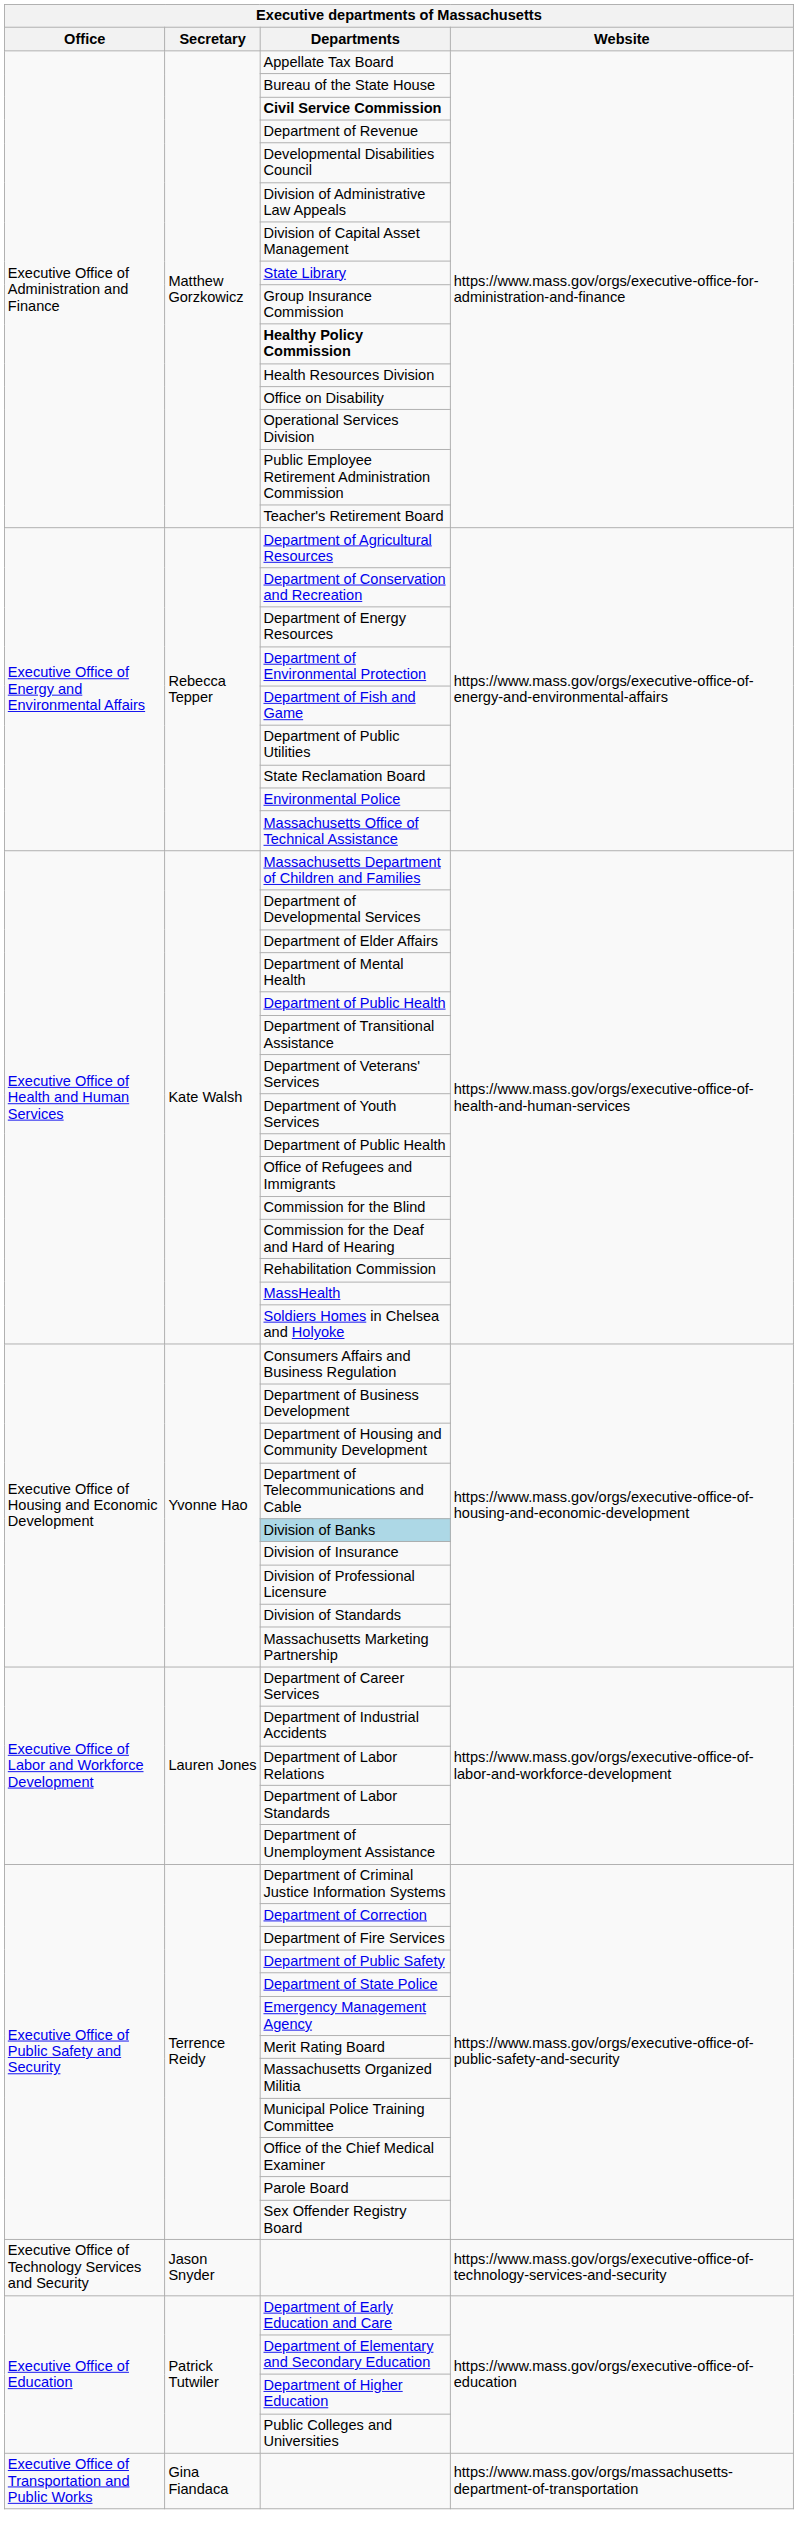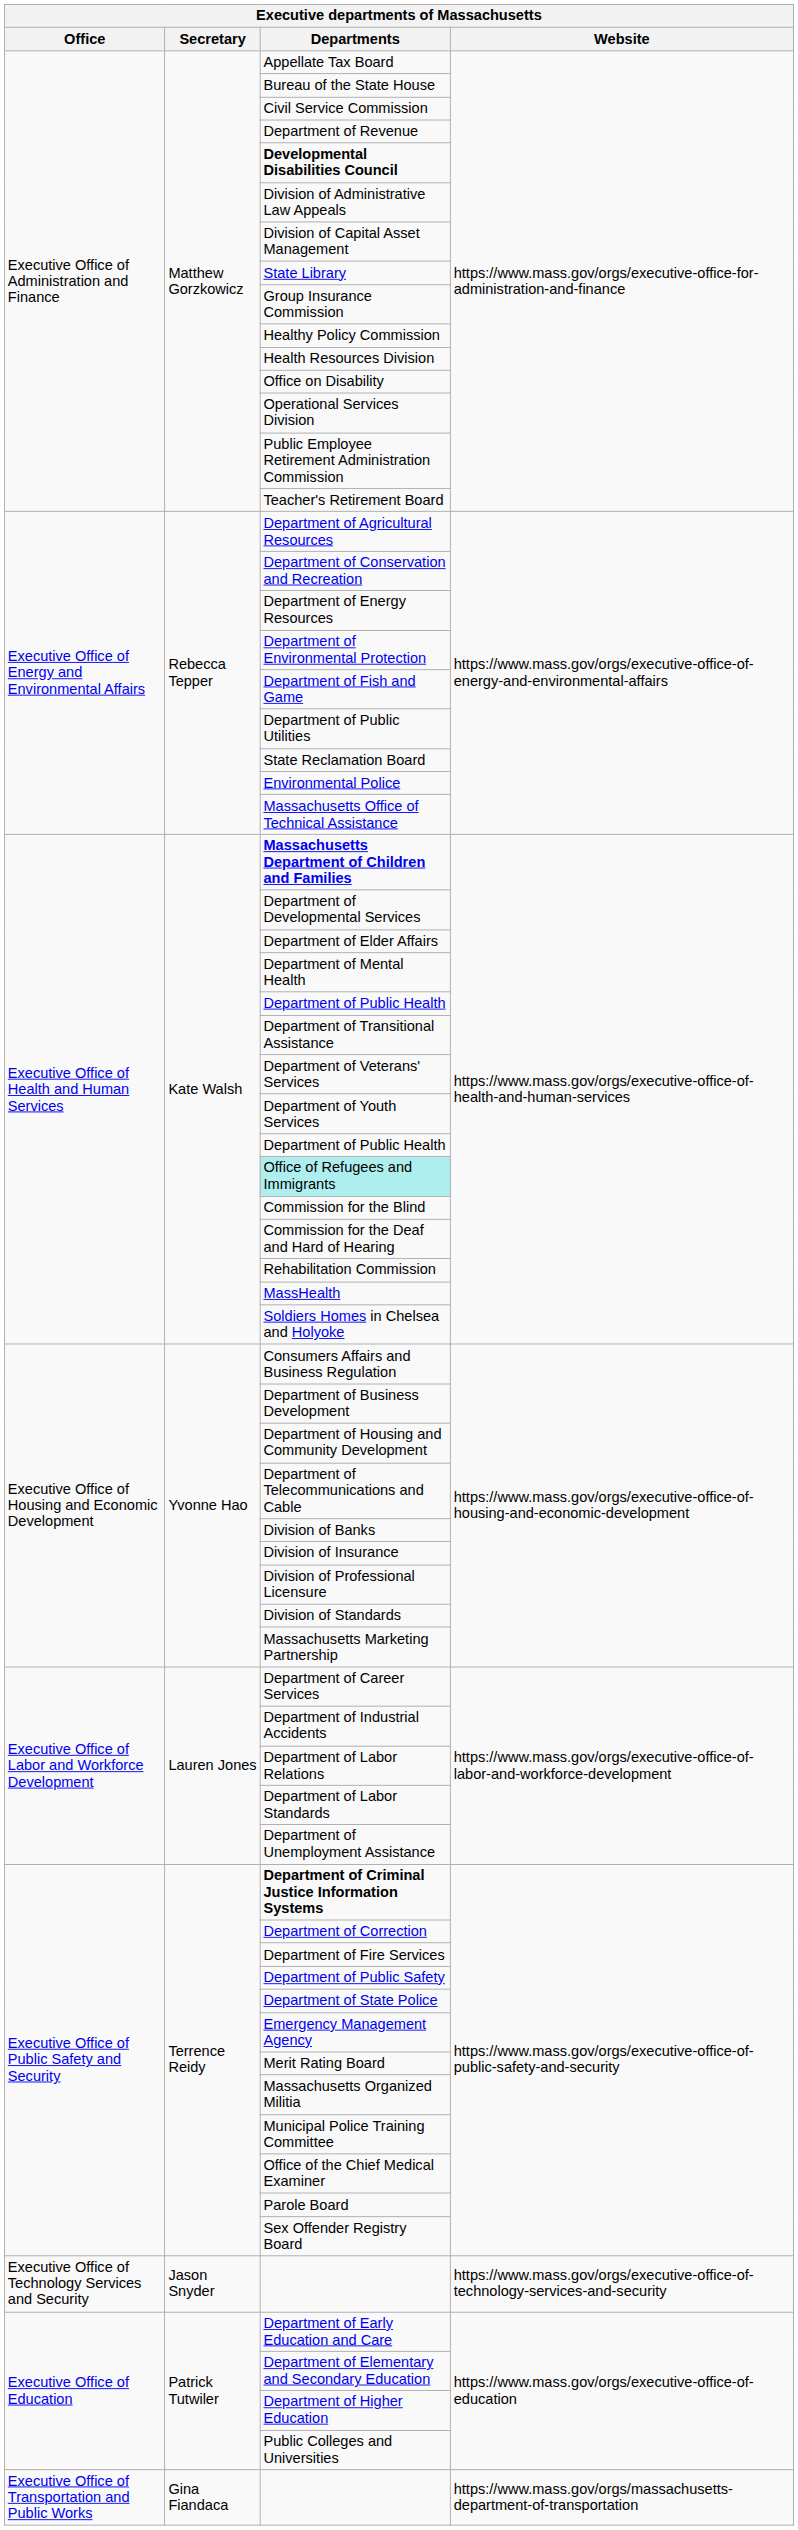 <table class="wikitable mw-collapsible mw-collapsed">
 <tr>
 <th colspan="4">Executive departments of Massachusetts</th>
 </tr>
 <tr>
 <th>Office</th>
 <th>Secretary</th>
 <th>Departments</th>
 <th>Website</th>
 </tr>
 <tr>
 <td rowspan="15">Executive Office of Administration and Finance</td>
 <td rowspan="15">Matthew Gorzkowicz</td>
 <td>Appellate Tax Board</td>
 <td rowspan="15">https://www.mass.gov/orgs/executive-office-for-administration-and-finance</td>
 </tr>
 <tr>
 <td>Bureau of the State House</td>
 </tr>
 <tr>
-<td><strong>Civil Service Commission</strong></td>
+<td>Civil Service Commission</td>
 </tr>
 <tr>
 <td>Department of Revenue</td>
 </tr>
 <tr>
-<td>Developmental Disabilities Council</td>
+<td><strong>Developmental Disabilities Council</strong></td>
 </tr>
 <tr>
 <td>Division of Administrative Law Appeals</td>
 </tr>
 <tr>
 <td>Division of Capital Asset Management</td>
 </tr>
 <tr>
 <td><a href='#'>State Library</a></td>
 </tr>
 <tr>
 <td>Group Insurance Commission</td>
 </tr>
 <tr>
-<td><strong>Healthy Policy Commission</strong></td>
+<td>Healthy Policy Commission</td>
 </tr>
 <tr>
 <td>Health Resources Division</td>
 </tr>
 <tr>
 <td>Office on Disability</td>
 </tr>
 <tr>
 <td>Operational Services Division</td>
 </tr>
 <tr>
 <td>Public Employee Retirement Administration Commission</td>
 </tr>
 <tr>
 <td>Teacher's Retirement Board</td>
 </tr>
 <tr>
 <td rowspan="9"><a href='#'>Executive Office of Energy and Environmental Affairs</a></td>
 <td rowspan="9">Rebecca Tepper</td>
 <td><a href='#'>Department of Agricultural Resources</a></td>
 <td rowspan="9">https://www.mass.gov/orgs/executive-office-of-energy-and-environmental-affairs</td>
 </tr>
 <tr>
 <td><a href='#'>Department of Conservation and Recreation</a></td>
 </tr>
 <tr>
 <td>Department of Energy Resources</td>
 </tr>
 <tr>
 <td><a href='#'>Department of Environmental Protection</a></td>
 </tr>
 <tr>
 <td><a href='#'>Department of Fish and Game</a></td>
 </tr>
 <tr>
 <td>Department of Public Utilities</td>
 </tr>
 <tr>
 <td>State Reclamation Board</td>
 </tr>
 <tr>
 <td><a href='#'>Environmental Police</a></td>
 </tr>
 <tr>
 <td><a href='#'>Massachusetts Office of Technical Assistance</a></td>
 </tr>
 <tr>
 <td rowspan="15"><a href='#'>Executive Office of Health and Human Services</a></td>
 <td rowspan="15">Kate Walsh</td>
-<td><a href='#'>Massachusetts Department of Children and Families</a></td>
+<td><strong><a href='#'>Massachusetts Department of Children and Families</a></strong></td>
 <td rowspan="15">https://www.mass.gov/orgs/executive-office-of-health-and-human-services</td>
 </tr>
 <tr>
 <td>Department of Developmental Services</td>
 </tr>
 <tr>
 <td>Department of Elder Affairs</td>
 </tr>
 <tr>
 <td>Department of Mental Health</td>
 </tr>
 <tr>
 <td><a href='#'>Department of Public Health</a></td>
 </tr>
 <tr>
 <td>Department of Transitional Assistance</td>
 </tr>
 <tr>
 <td>Department of Veterans' Services</td>
 </tr>
 <tr>
 <td>Department of Youth Services</td>
 </tr>
 <tr>
 <td>Department of Public Health</td>
 </tr>
 <tr>
-<td>Office of Refugees and Immigrants</td>
+<td style="background: paleturquoise;">Office of Refugees and Immigrants</td>
 </tr>
 <tr>
 <td>Commission for the Blind</td>
 </tr>
 <tr>
 <td>Commission for the Deaf and Hard of Hearing</td>
 </tr>
 <tr>
 <td>Rehabilitation Commission</td>
 </tr>
 <tr>
 <td><a href='#'>MassHealth</a></td>
 </tr>
 <tr>
 <td><a href='#'>Soldiers Homes</a> in Chelsea and <a href='#'>Holyoke</a></td>
 </tr>
 <tr>
 <td rowspan="9">Executive Office of Housing and Economic Development</td>
 <td rowspan="9">Yvonne Hao</td>
 <td>Consumers Affairs and Business Regulation</td>
 <td rowspan="9">https://www.mass.gov/orgs/executive-office-of-housing-and-economic-development</td>
 </tr>
 <tr>
 <td>Department of Business Development</td>
 </tr>
 <tr>
 <td>Department of Housing and Community Development</td>
 </tr>
 <tr>
 <td>Department of Telecommunications and Cable</td>
 </tr>
 <tr>
-<td style="background: lightblue;">Division  of Banks</td>
+<td>Division  of Banks</td>
 </tr>
 <tr>
 <td>Division of Insurance</td>
 </tr>
 <tr>
 <td>Division of Professional Licensure</td>
 </tr>
 <tr>
 <td>Division of Standards</td>
 </tr>
 <tr>
 <td>Massachusetts Marketing Partnership</td>
 </tr>
 <tr>
 <td rowspan="5"><a href='#'>Executive Office of Labor and Workforce Development</a></td>
 <td rowspan="5">Lauren Jones</td>
 <td>Department of Career Services</td>
 <td rowspan="5">https://www.mass.gov/orgs/executive-office-of-labor-and-workforce-development</td>
 </tr>
 <tr>
 <td>Department of Industrial Accidents</td>
 </tr>
 <tr>
 <td>Department of Labor Relations</td>
 </tr>
 <tr>
 <td>Department of Labor Standards</td>
 </tr>
 <tr>
 <td>Department of Unemployment Assistance</td>
 </tr>
 <tr>
 <td rowspan="12"><a href='#'>Executive Office of Public Safety and Security</a></td>
 <td rowspan="12">Terrence Reidy</td>
-<td>Department of Criminal Justice Information Systems</td>
+<td><strong>Department of Criminal Justice Information Systems</strong></td>
 <td rowspan="12">https://www.mass.gov/orgs/executive-office-of-public-safety-and-security</td>
 </tr>
 <tr>
 <td><a href='#'>Department of Correction</a></td>
 </tr>
 <tr>
 <td>Department of Fire Services</td>
 </tr>
 <tr>
 <td><a href='#'>Department of Public Safety</a></td>
 </tr>
 <tr>
 <td><a href='#'>Department of State Police</a></td>
 </tr>
 <tr>
 <td><a href='#'>Emergency Management Agency</a></td>
 </tr>
 <tr>
 <td>Merit Rating Board</td>
 </tr>
 <tr>
 <td>Massachusetts Organized Militia</td>
 </tr>
 <tr>
 <td>Municipal Police Training Committee</td>
 </tr>
 <tr>
 <td>Office of the Chief Medical Examiner</td>
 </tr>
 <tr>
 <td>Parole Board</td>
 </tr>
 <tr>
 <td>Sex Offender Registry Board</td>
 </tr>
 <tr>
 <td>Executive Office of Technology Services and Security</td>
 <td>Jason Snyder</td>
 <td></td>
 <td>https://www.mass.gov/orgs/executive-office-of-technology-services-and-security</td>
 </tr>
 <tr>
 <td rowspan="4"><a href='#'>Executive Office of Education</a></td>
 <td rowspan="4">Patrick Tutwiler</td>
 <td><a href='#'>Department of Early Education and Care</a></td>
 <td rowspan="4">https://www.mass.gov/orgs/executive-office-of-education</td>
 </tr>
 <tr>
 <td><a href='#'>Department of Elementary and Secondary Education</a></td>
 </tr>
 <tr>
 <td><a href='#'>Department of Higher Education</a></td>
 </tr>
 <tr>
 <td>Public Colleges and Universities</td>
 </tr>
 <tr>
 <td><a href='#'>Executive Office of Transportation and Public Works</a></td>
 <td>Gina Fiandaca</td>
 <td></td>
 <td>https://www.mass.gov/orgs/massachusetts-department-of-transportation</td>
 </tr>
 </table>
